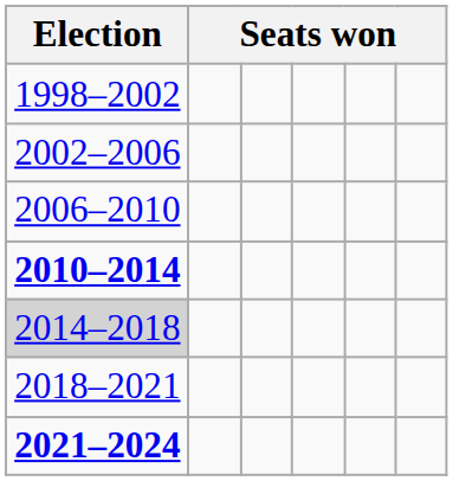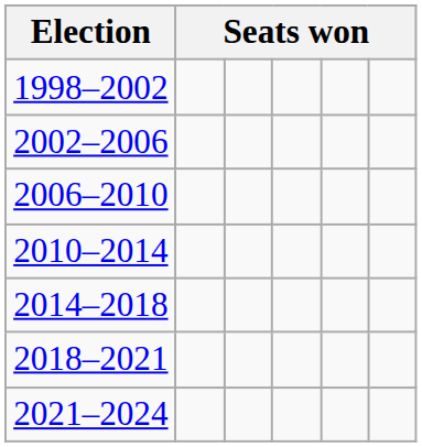 <table class="wikitable">
 <tr>
 <th>Election</th>
 <th colspan=5>Seats won</th>
 </tr>
 <tr>
 <td><a href='#'>1998–2002</a></td>
 <td width=15 > </td>
 <td width=15 > </td>
 <td width=15 > </td>
 <td width=15 > </td>
 <td width=15 > </td>
 </tr>
 <tr>
 <td><a href='#'>2002–2006</a></td>
 <td width=15 > </td>
 <td width=15 > </td>
 <td width=15 > </td>
 <td width=15 > </td>
 <td width=15 > </td>
 </tr>
 <tr>
 <td><a href='#'>2006–2010</a></td>
 <td width=15 > </td>
 <td width=15 > </td>
 <td width=15 > </td>
 <td width=15 > </td>
 <td width=15 > </td>
 </tr>
 <tr>
-<td><strong><a href='#'>2010–2014</a></strong></td>
+<td><a href='#'>2010–2014</a></td>
 <td width=15 > </td>
 <td width=15 > </td>
 <td width=15 > </td>
 <td width=15 > </td>
 <td width=15 > </td>
 </tr>
 <tr>
-<td style="background: lightgrey;"><a href='#'>2014–2018</a></td>
+<td><a href='#'>2014–2018</a></td>
 <td width=15 > </td>
 <td width=15 > </td>
 <td width=15 > </td>
 <td width=15 > </td>
 <td width=15 > </td>
 </tr>
 <tr>
 <td><a href='#'>2018–2021</a></td>
 <td width=15 > </td>
 <td width=15 > </td>
 <td width=15 > </td>
 <td width=15 > </td>
 <td width=15 > </td>
 </tr>
 <tr>
-<td><strong><a href='#'>2021–2024</a></strong></td>
+<td><a href='#'>2021–2024</a></td>
 <td width=15 > </td>
 <td width=15 > </td>
 <td width=15 > </td>
 <td width=15 > </td>
 <td width=15 > </td>
 </tr>
 </table>
